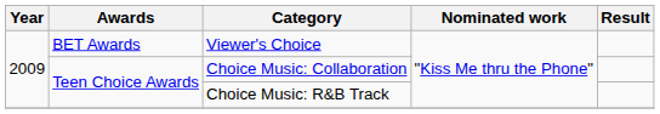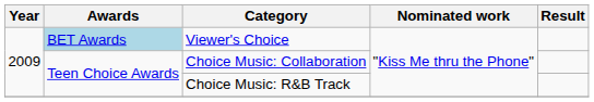 <table class="wikitable">
 <tr>
 <th>Year</th>
 <th>Awards</th>
 <th>Category</th>
 <th>Nominated work</th>
 <th>Result</th>
 </tr>
 <tr>
 <td rowspan="3">2009</td>
-<td><a href='#'>BET Awards</a></td>
+<td style="background: lightblue;"><a href='#'>BET Awards</a></td>
 <td><a href='#'>Viewer's Choice</a></td>
 <td rowspan="3">"<a href='#'>Kiss Me thru the Phone</a>" </td>
 <td></td>
 </tr>
 <tr>
 <td rowspan="2"><a href='#'>Teen Choice Awards</a></td>
 <td><a href='#'>Choice Music: Collaboration</a></td>
 <td></td>
 </tr>
 <tr>
 <td>Choice Music: R&B Track</td>
 <td></td>
 </tr>
 <tr>
 </tr>
 </table>
